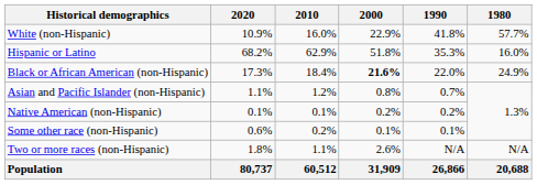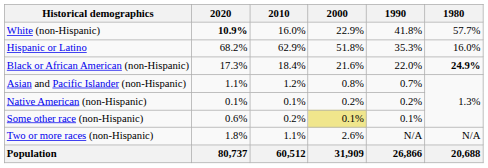 <table class="wikitable collapsible mw-collapsed collapsible" style="font-size: 90%; text-align: right;">
 <tr>
 <th>Historical demographics</th>
 <th style="width: 5em;">2020</th>
 <th style="width: 5em;">2010</th>
 <th style="width: 5em;">2000</th>
 <th style="width: 5em;">1990</th>
 <th style="width: 5em;">1980</th>
 </tr>
 <tr>
 <td style="text-align:left"><a href='#'>White</a> (non-Hispanic)</td>
-<td>10.9%</td>
+<td><strong>10.9%</strong></td>
 <td>16.0%</td>
 <td>22.9%</td>
 <td>41.8%</td>
 <td>57.7%</td>
 </tr>
 <tr>
 <td style="text-align:left"><a href='#'>Hispanic or Latino</a></td>
 <td>68.2%</td>
 <td>62.9%</td>
 <td>51.8%</td>
 <td>35.3%</td>
 <td>16.0%</td>
 </tr>
 <tr>
 <td style="text-align:left"><a href='#'>Black or African American</a> (non-Hispanic)</td>
 <td>17.3%</td>
 <td>18.4%</td>
-<td><strong>21.6%</strong></td>
+<td>21.6%</td>
 <td>22.0%</td>
-<td>24.9%</td>
+<td><strong>24.9%</strong></td>
 </tr>
 <tr>
 <td style="text-align:left"><a href='#'>Asian</a> and <a href='#'>Pacific Islander</a> (non-Hispanic)</td>
 <td>1.1%</td>
 <td>1.2%</td>
 <td>0.8%</td>
 <td>0.7%</td>
 <td rowspan="3">1.3%</td>
 </tr>
 <tr>
 <td style="text-align:left"><a href='#'>Native American</a> (non-Hispanic)</td>
 <td>0.1%</td>
 <td>0.1%</td>
 <td>0.2%</td>
 <td>0.2%</td>
 </tr>
 <tr>
 <td style="text-align:left"><a href='#'>Some other race</a> (non-Hispanic)</td>
 <td>0.6%</td>
 <td>0.2%</td>
-<td>0.1%</td>
+<td style="background: khaki;">0.1%</td>
 <td>0.1%</td>
 </tr>
 <tr>
 <td style="text-align:left"><a href='#'>Two or more races</a> (non-Hispanic)</td>
 <td>1.8%</td>
 <td>1.1%</td>
 <td>2.6%</td>
 <td>N/A</td>
 <td>N/A</td>
 </tr>
 <tr>
 <th style="text-align:left">Population</th>
 <th style="text-align:right">80,737</th>
 <th style="text-align:right">60,512</th>
 <th style="text-align:right">31,909</th>
 <th style="text-align:right">26,866</th>
 <th style="text-align:right">20,688</th>
 </tr>
 </table>
